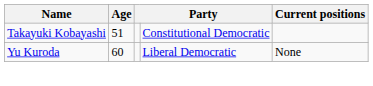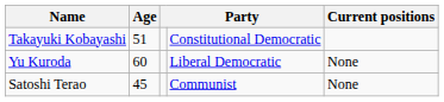 <table class="wikitable">
 <tr style="white-space:nowrap;">
 <th>Name</th>
 <th>Age</th>
 <th colspan=2>Party</th>
 <th>Current positions</th>
 </tr>
 <tr>
 <td><a href='#'>Takayuki Kobayashi</a></td>
 <td>51</td>
 <td style="background:"></td>
 <td><a href='#'>Constitutional Democratic</a></td>
 <td><br></td>
 </tr>
 <tr>
 <td><a href='#'>Yu Kuroda</a></td>
 <td>60</td>
 <td style="background:"></td>
 <td><a href='#'>Liberal Democratic</a></td>
 <td>None<br></td>
 </tr>
+<tr>
+<td>Satoshi Terao</td>
+<td>45</td>
+<td style="background:"></td>
+<td><a href='#'>Communist</a></td>
+<td>None<br></td>
+</tr>
 </table>
